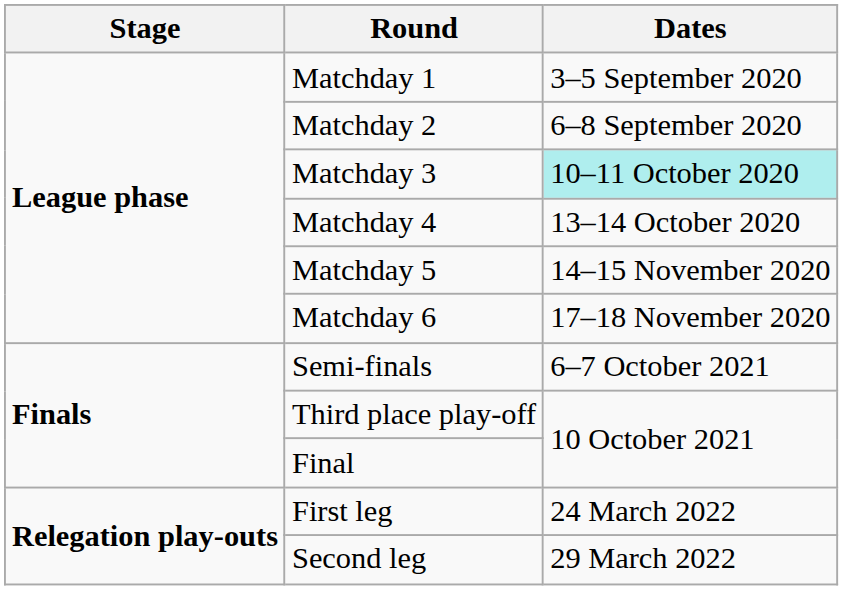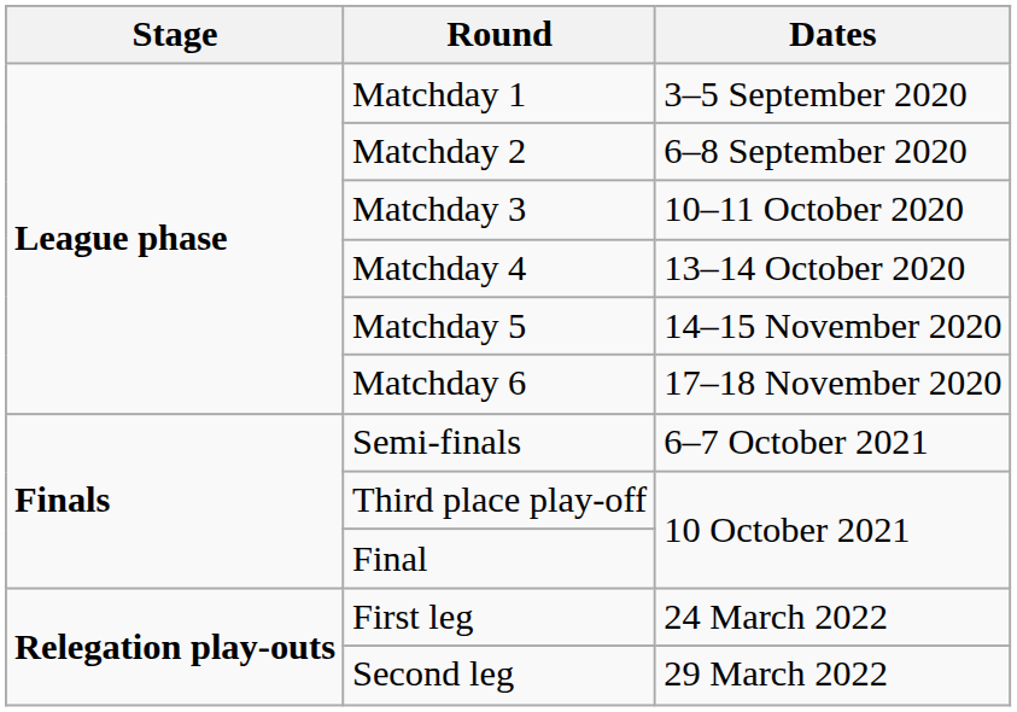 <table class="wikitable">
 <tr>
 <th>Stage</th>
 <th>Round</th>
 <th>Dates</th>
 </tr>
 <tr>
 <td rowspan="6"><strong>League phase</strong></td>
 <td>Matchday 1</td>
 <td>3–5 September 2020</td>
 </tr>
 <tr>
 <td>Matchday 2</td>
 <td>6–8 September 2020</td>
 </tr>
 <tr>
 <td>Matchday 3</td>
-<td style="background: paleturquoise;">10–11 October 2020</td>
+<td>10–11 October 2020</td>
 </tr>
 <tr>
 <td>Matchday 4</td>
 <td>13–14 October 2020</td>
 </tr>
 <tr>
 <td>Matchday 5</td>
 <td>14–15 November 2020</td>
 </tr>
 <tr>
 <td>Matchday 6</td>
 <td>17–18 November 2020</td>
 </tr>
 <tr>
 <td rowspan="3"><strong>Finals</strong></td>
 <td>Semi-finals</td>
 <td>6–7 October 2021</td>
 </tr>
 <tr>
 <td>Third place play-off</td>
 <td rowspan="2">10 October 2021</td>
 </tr>
 <tr>
 <td>Final</td>
 </tr>
 <tr>
 <td rowspan="2"><strong>Relegation play-outs</strong></td>
 <td>First leg</td>
 <td>24 March 2022</td>
 </tr>
 <tr>
 <td>Second leg</td>
 <td>29 March 2022</td>
 </tr>
 </table>
